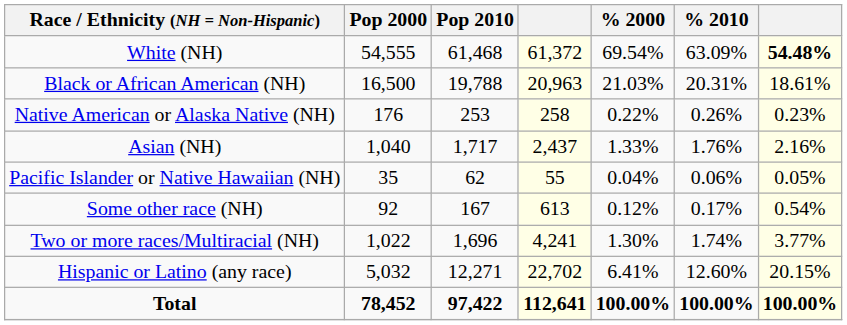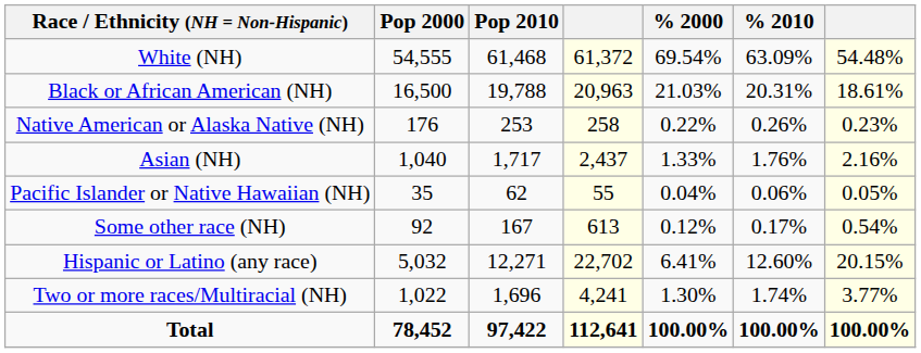 <table class="wikitable" style="text-align:center;">
 <tr>
 <th>Race / Ethnicity <small>(<em>NH = Non-Hispanic</em>)</small></th>
 <th>Pop 2000</th>
 <th>Pop 2010</th>
 <th></th>
 <th>% 2000</th>
 <th>% 2010</th>
 <th></th>
 </tr>
 <tr>
 <td><a href='#'>White</a> (NH)</td>
 <td>54,555</td>
 <td>61,468</td>
 <td style='background: #ffffe6;'>61,372</td>
 <td>69.54%</td>
 <td>63.09%</td>
-<td style='background: #ffffe6;'><strong>54.48%</strong></td>
+<td style='background: #ffffe6;'>54.48%</td>
 </tr>
 <tr>
 <td><a href='#'>Black or African American</a> (NH)</td>
 <td>16,500</td>
 <td>19,788</td>
 <td style='background: #ffffe6;'>20,963</td>
 <td>21.03%</td>
 <td>20.31%</td>
 <td style='background: #ffffe6;'>18.61%</td>
 </tr>
 <tr>
 <td><a href='#'>Native American</a> or <a href='#'>Alaska Native</a> (NH)</td>
 <td>176</td>
 <td>253</td>
 <td style='background: #ffffe6;'>258</td>
 <td>0.22%</td>
 <td>0.26%</td>
 <td style='background: #ffffe6;'>0.23%</td>
 </tr>
 <tr>
 <td><a href='#'>Asian</a> (NH)</td>
 <td>1,040</td>
 <td>1,717</td>
 <td style='background: #ffffe6;'>2,437</td>
 <td>1.33%</td>
 <td>1.76%</td>
 <td style='background: #ffffe6;'>2.16%</td>
 </tr>
 <tr>
 <td><a href='#'>Pacific Islander</a> or <a href='#'>Native Hawaiian</a> (NH)</td>
 <td>35</td>
 <td>62</td>
 <td style='background: #ffffe6;'>55</td>
 <td>0.04%</td>
 <td>0.06%</td>
 <td style='background: #ffffe6;'>0.05%</td>
 </tr>
 <tr>
 <td><a href='#'>Some other race</a> (NH)</td>
 <td>92</td>
 <td>167</td>
 <td style='background: #ffffe6;'>613</td>
 <td>0.12%</td>
 <td>0.17%</td>
 <td style='background: #ffffe6;'>0.54%</td>
 </tr>
 <tr>
+<td><a href='#'>Hispanic or Latino</a> (any race)</td>
+<td>5,032</td>
+<td>12,271</td>
+<td style='background: #ffffe6;'>22,702</td>
+<td>6.41%</td>
+<td>12.60%</td>
+<td style='background: #ffffe6;'>20.15%</td>
+</tr>
+<tr>
 <td><a href='#'>Two or more races/Multiracial</a> (NH)</td>
 <td>1,022</td>
 <td>1,696</td>
 <td style='background: #ffffe6;'>4,241</td>
 <td>1.30%</td>
 <td>1.74%</td>
 <td style='background: #ffffe6;'>3.77%</td>
-</tr>
-<tr>
-<td><a href='#'>Hispanic or Latino</a> (any race)</td>
-<td>5,032</td>
-<td>12,271</td>
-<td style='background: #ffffe6;'>22,702</td>
-<td>6.41%</td>
-<td>12.60%</td>
-<td style='background: #ffffe6;'>20.15%</td>
 </tr>
 <tr>
 <td><strong>Total</strong></td>
 <td><strong>78,452</strong></td>
 <td><strong>97,422</strong></td>
 <td style='background: #ffffe6;'><strong>112,641</strong></td>
 <td><strong>100.00%</strong></td>
 <td><strong>100.00%</strong></td>
 <td style='background: #ffffe6;'><strong>100.00%</strong></td>
 </tr>
 <tr>
 </tr>
 </table>
